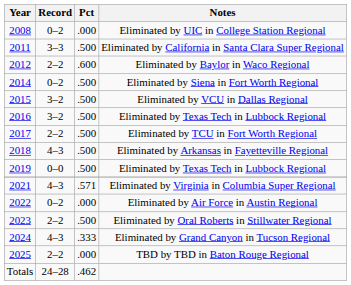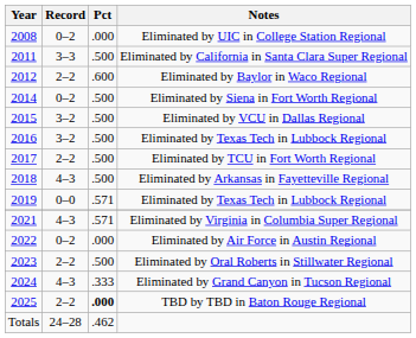 <table class="wikitable sortable" style="text-align:center">
 <tr>
 <th>Year</th>
 <th>Record</th>
 <th>Pct</th>
 <th>Notes</th>
 </tr>
 <tr>
 <td><a href='#'>2008</a></td>
 <td>0–2</td>
 <td>.000</td>
 <td>Eliminated by <a href='#'>UIC</a> in <a href='#'>College Station Regional</a></td>
 </tr>
 <tr>
 <td><a href='#'>2011</a></td>
 <td>3–3</td>
 <td>.500</td>
 <td>Eliminated by <a href='#'>California</a> in <a href='#'>Santa Clara Super Regional</a></td>
 </tr>
 <tr>
 <td><a href='#'>2012</a></td>
 <td>2–2</td>
 <td>.600</td>
 <td>Eliminated by <a href='#'>Baylor</a> in <a href='#'>Waco Regional</a></td>
 </tr>
 <tr>
 <td><a href='#'>2014</a></td>
 <td>0–2</td>
 <td>.500</td>
 <td>Eliminated by <a href='#'>Siena</a> in <a href='#'>Fort Worth Regional</a></td>
 </tr>
 <tr>
 <td><a href='#'>2015</a></td>
 <td>3–2</td>
 <td>.500</td>
 <td>Eliminated by <a href='#'>VCU</a> in <a href='#'>Dallas Regional</a></td>
 </tr>
 <tr>
 <td><a href='#'>2016</a></td>
 <td>3–2</td>
 <td>.500</td>
 <td>Eliminated by <a href='#'>Texas Tech</a> in <a href='#'>Lubbock Regional</a></td>
 </tr>
 <tr>
 <td><a href='#'>2017</a></td>
 <td>2–2</td>
 <td>.500</td>
 <td>Eliminated by <a href='#'>TCU</a> in <a href='#'>Fort Worth Regional</a></td>
 </tr>
 <tr>
 <td><a href='#'>2018</a></td>
 <td>4–3</td>
 <td>.500</td>
 <td>Eliminated by <a href='#'>Arkansas</a> in <a href='#'>Fayetteville Regional</a></td>
 </tr>
 <tr>
 <td><a href='#'>2019</a></td>
 <td>0–0</td>
-<td>.500</td>
+<td>.571</td>
 <td>Eliminated by <a href='#'>Texas Tech</a> in <a href='#'>Lubbock Regional</a></td>
 </tr>
 <tr class="sortbottom">
 </tr>
 <tr>
 <td><a href='#'>2021</a></td>
 <td>4–3</td>
 <td>.571</td>
 <td>Eliminated by <a href='#'>Virginia</a> in <a href='#'>Columbia Super Regional</a></td>
 </tr>
 <tr>
 <td><a href='#'>2022</a></td>
 <td>0–2</td>
 <td>.000</td>
 <td>Eliminated by <a href='#'>Air Force</a> in <a href='#'>Austin Regional</a></td>
 </tr>
 <tr>
 <td><a href='#'>2023</a></td>
 <td>2–2</td>
 <td>.500</td>
 <td>Eliminated by <a href='#'>Oral Roberts</a> in <a href='#'>Stillwater Regional</a></td>
 </tr>
 <tr>
 <td><a href='#'>2024</a></td>
 <td>4–3</td>
 <td>.333</td>
 <td>Eliminated by <a href='#'>Grand Canyon</a> in <a href='#'>Tucson Regional</a></td>
 </tr>
 <tr>
 <td><a href='#'>2025</a></td>
 <td>2–2</td>
-<td>.000</td>
+<td><strong>.000</strong></td>
 <td>TBD by TBD in <a href='#'>Baton Rouge Regional</a></td>
 </tr>
 <tr>
 <td>Totals</td>
 <td>24–28</td>
 <td>.462</td>
 <td></td>
 </tr>
 </table>
